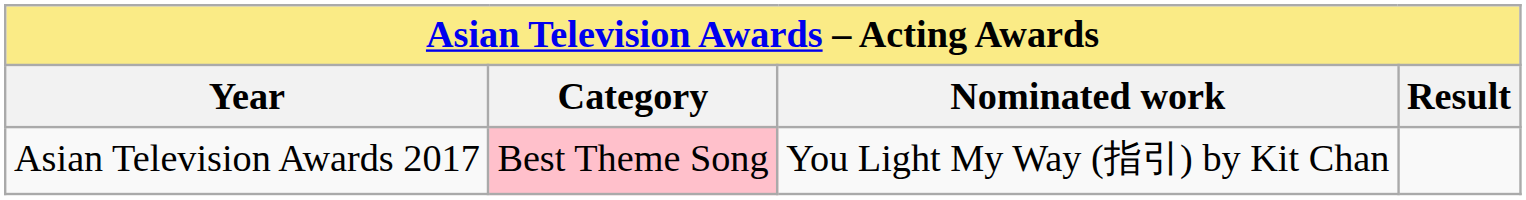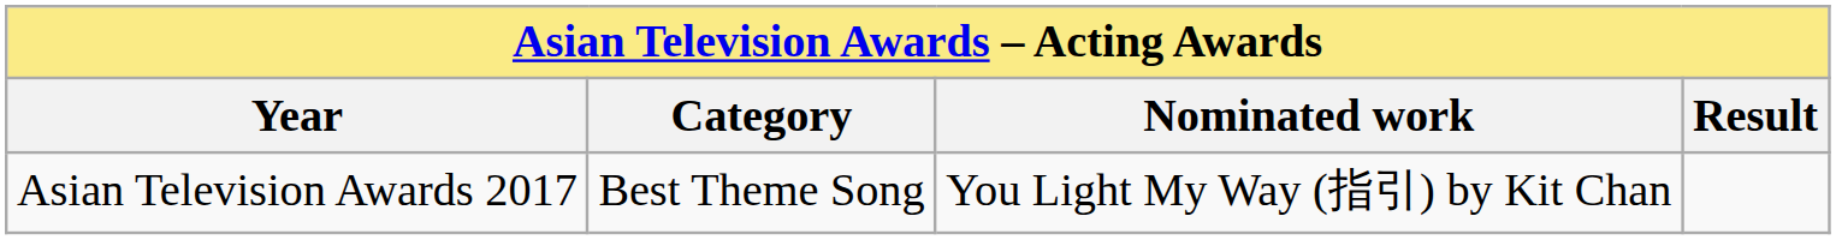 <table class="wikitable sortable">
 <tr>
 <th colspan="4" - style="background:#FAEB86;" align="center"><a href='#'>Asian Television Awards</a> – Acting Awards</th>
 </tr>
 <tr>
 <th>Year</th>
 <th>Category</th>
 <th>Nominated work</th>
 <th>Result</th>
 </tr>
 <tr>
 <td>Asian Television Awards 2017</td>
-<td style="background: pink;">Best Theme Song</td>
+<td>Best Theme Song</td>
 <td>You Light My Way (指引) by Kit Chan</td>
 <td></td>
 </tr>
 </table>
